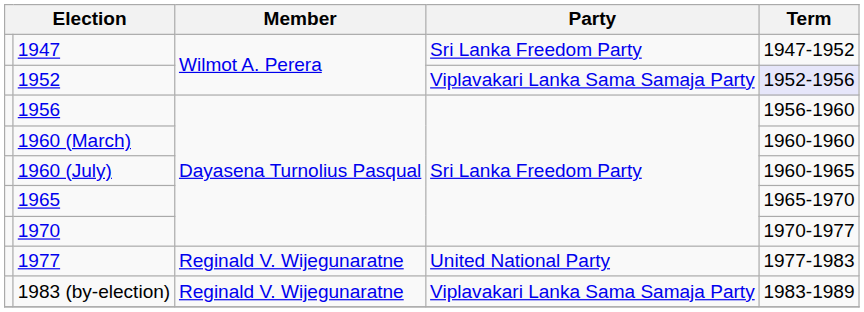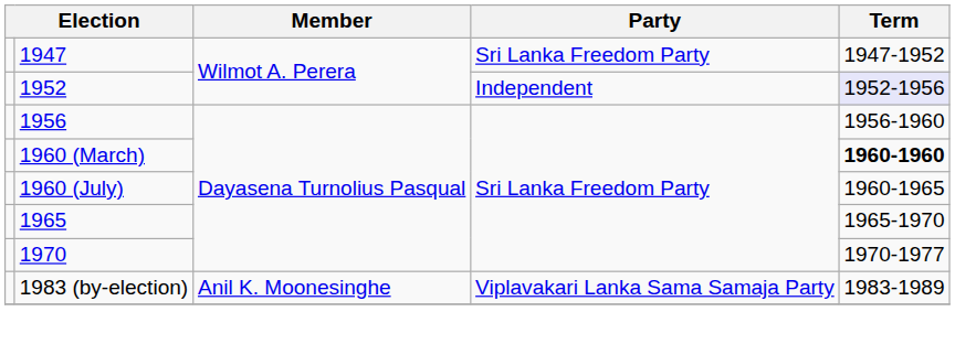 <table class="wikitable">
 <tr>
 <th colspan="2">Election</th>
 <th>Member</th>
 <th>Party</th>
 <th>Term</th>
 </tr>
 <tr>
 <td style="background-color: "></td>
 <td><a href='#'>1947</a></td>
 <td rowspan=2><a href='#'>Wilmot A. Perera</a></td>
 <td><a href='#'>Sri Lanka Freedom Party</a></td>
 <td>1947-1952</td>
 </tr>
 <tr>
 <td style="background-color: "></td>
 <td><a href='#'>1952</a></td>
-<td><a href='#'>Viplavakari Lanka Sama Samaja Party</a></td>
+<td><a href='#'>Independent</a></td>
 <td style="background: lavender;">1952-1956</td>
 </tr>
 <tr>
 <td style="background-color: "></td>
 <td><a href='#'>1956</a></td>
 <td rowspan=5><a href='#'>Dayasena Turnolius Pasqual</a></td>
 <td rowspan=5><a href='#'>Sri Lanka Freedom Party</a></td>
 <td>1956-1960</td>
 </tr>
 <tr>
 <td style="background-color: "></td>
 <td><a href='#'>1960 (March)</a></td>
-<td>1960-1960</td>
+<td><strong>1960-1960</strong></td>
 </tr>
 <tr>
 <td style="background-color: "></td>
 <td><a href='#'>1960 (July)</a></td>
 <td>1960-1965</td>
 </tr>
 <tr>
 <td style="background-color: "></td>
 <td><a href='#'>1965</a></td>
 <td>1965-1970</td>
 </tr>
 <tr>
 <td style="background-color: "></td>
 <td><a href='#'>1970</a></td>
 <td>1970-1977</td>
 </tr>
 <tr>
 <td style="background-color: "></td>
-<td><a href='#'>1977</a></td>
-<td><a href='#'>Reginald V. Wijegunaratne</a></td>
-<td><a href='#'>United National Party</a></td>
-<td>1977-1983</td>
-</tr>
-<tr>
-<td style="background-color: "></td>
 <td>1983 (by-election)</td>
-<td><a href='#'>Reginald V. Wijegunaratne</a></td>
+<td><a href='#'>Anil K. Moonesinghe</a></td>
 <td><a href='#'>Viplavakari Lanka Sama Samaja Party</a></td>
 <td>1983-1989</td>
 </tr>
 <tr>
 </tr>
 </table>
